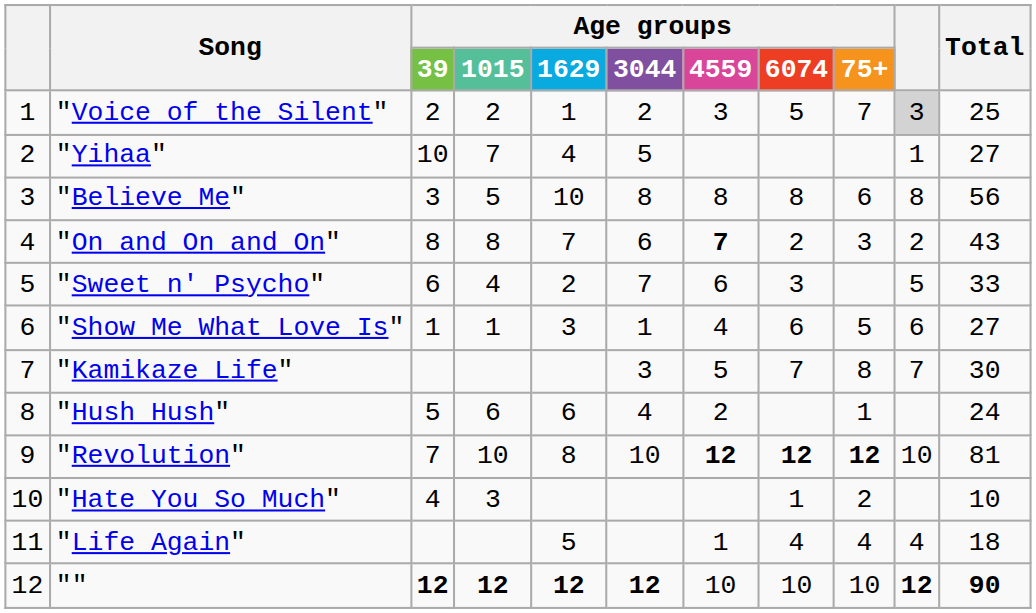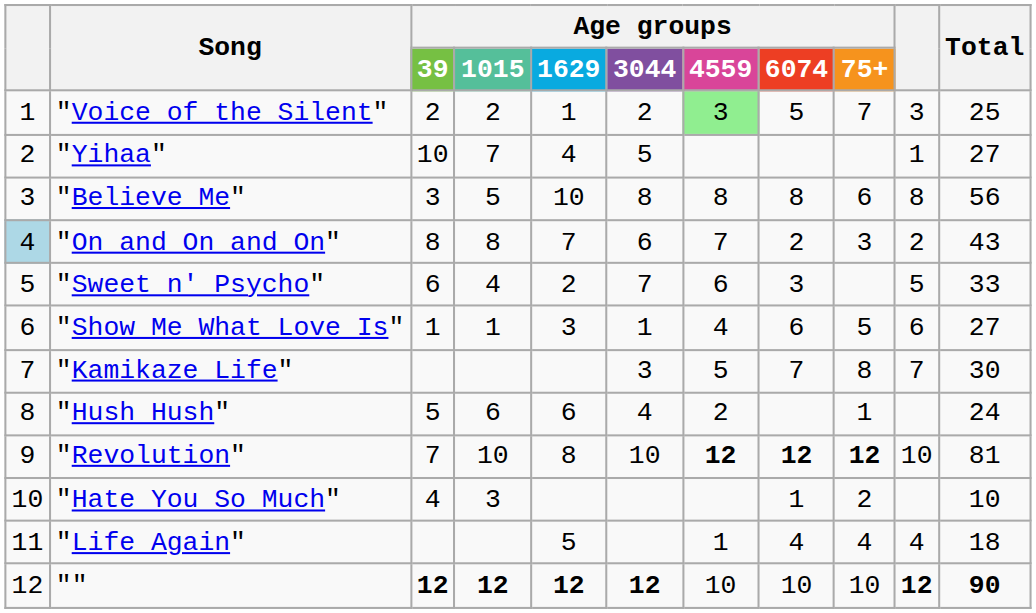 <table class="wikitable" style="margin: 1em auto 1em auto; text-align:center;">
 <tr>
 <th rowspan="2"></th>
 <th rowspan="2">Song</th>
 <th colspan="7">Age groups</th>
 <th rowspan="2"></th>
 <th rowspan="2">Total</th>
 </tr>
 <tr>
 <th style="background:#76C043;color:white;">39</th>
 <th style="background:#55BF9A;color:white;">1015</th>
 <th style="background:#09AAE0;color:white;">1629</th>
 <th style="background:#804F9F;color:white;">3044</th>
 <th style="background:#D94599;color:white;">4559</th>
 <th style="background:#ED3E23;color:white;">6074</th>
 <th style="background:#F6931D;color:white;">75+</th>
 </tr>
 <tr>
 <td>1</td>
 <td align="left">"<a href='#'>Voice of the Silent</a>"</td>
 <td>2</td>
 <td>2</td>
 <td>1</td>
 <td>2</td>
-<td>3</td>
+<td style="background: lightgreen;">3</td>
 <td>5</td>
 <td>7</td>
-<td style="background: lightgrey;">3</td>
+<td>3</td>
 <td>25</td>
 </tr>
 <tr>
 <td>2</td>
 <td align="left">"<a href='#'>Yihaa</a>"</td>
 <td>10</td>
 <td>7</td>
 <td>4</td>
 <td>5</td>
 <td></td>
 <td></td>
 <td></td>
 <td>1</td>
 <td>27</td>
 </tr>
 <tr>
 <td>3</td>
 <td align="left">"<a href='#'>Believe Me</a>"</td>
 <td>3</td>
 <td>5</td>
 <td>10</td>
 <td>8</td>
 <td>8</td>
 <td>8</td>
 <td>6</td>
 <td>8</td>
 <td>56</td>
 </tr>
 <tr>
-<td>4</td>
+<td style="background: lightblue;">4</td>
 <td align="left">"<a href='#'>On and On and On</a>"</td>
 <td>8</td>
 <td>8</td>
 <td>7</td>
 <td>6</td>
-<td><strong>7</strong></td>
+<td>7</td>
 <td>2</td>
 <td>3</td>
 <td>2</td>
 <td>43</td>
 </tr>
 <tr>
 <td>5</td>
 <td align="left">"<a href='#'>Sweet n' Psycho</a>"</td>
 <td>6</td>
 <td>4</td>
 <td>2</td>
 <td>7</td>
 <td>6</td>
 <td>3</td>
 <td></td>
 <td>5</td>
 <td>33</td>
 </tr>
 <tr>
 <td>6</td>
 <td align="left">"<a href='#'>Show Me What Love Is</a>"</td>
 <td>1</td>
 <td>1</td>
 <td>3</td>
 <td>1</td>
 <td>4</td>
 <td>6</td>
 <td>5</td>
 <td>6</td>
 <td>27</td>
 </tr>
 <tr>
 <td>7</td>
 <td align="left">"<a href='#'>Kamikaze Life</a>"</td>
 <td></td>
 <td></td>
 <td></td>
 <td>3</td>
 <td>5</td>
 <td>7</td>
 <td>8</td>
 <td>7</td>
 <td>30</td>
 </tr>
 <tr>
 <td>8</td>
 <td align="left">"<a href='#'>Hush Hush</a>"</td>
 <td>5</td>
 <td>6</td>
 <td>6</td>
 <td>4</td>
 <td>2</td>
 <td></td>
 <td>1</td>
 <td></td>
 <td>24</td>
 </tr>
 <tr>
 <td>9</td>
 <td align="left">"<a href='#'>Revolution</a>"</td>
 <td>7</td>
 <td>10</td>
 <td>8</td>
 <td>10</td>
 <td><strong>12</strong></td>
 <td><strong>12</strong></td>
 <td><strong>12</strong></td>
 <td>10</td>
 <td>81</td>
 </tr>
 <tr>
 <td>10</td>
 <td align="left">"<a href='#'>Hate You So Much</a>"</td>
 <td>4</td>
 <td>3</td>
 <td></td>
 <td></td>
 <td></td>
 <td>1</td>
 <td>2</td>
 <td></td>
 <td>10</td>
 </tr>
 <tr>
 <td>11</td>
 <td align="left">"<a href='#'>Life Again</a>"</td>
 <td></td>
 <td></td>
 <td>5</td>
 <td></td>
 <td>1</td>
 <td>4</td>
 <td>4</td>
 <td>4</td>
 <td>18</td>
 </tr>
 <tr>
 <td>12</td>
 <td align="left">""</td>
 <td><strong>12</strong></td>
 <td><strong>12</strong></td>
 <td><strong>12</strong></td>
 <td><strong>12</strong></td>
 <td>10</td>
 <td>10</td>
 <td>10</td>
 <td><strong>12</strong></td>
 <td><strong>90</strong></td>
 </tr>
 </table>
